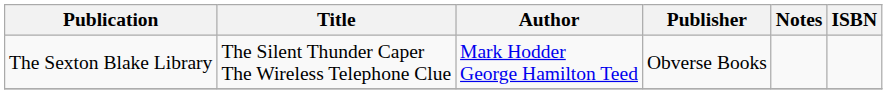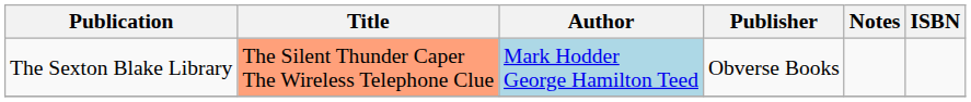 <table class="wikitable">
 <tr>
 <th>Publication</th>
 <th>Title</th>
 <th>Author</th>
 <th>Publisher</th>
 <th>Notes</th>
 <th>ISBN</th>
 </tr>
 <tr>
 <td>The Sexton Blake Library</td>
-<td>The Silent Thunder Caper<br>The Wireless Telephone Clue</td>
-<td><a href='#'>Mark Hodder</a><br> <a href='#'>George Hamilton Teed</a></td>
+<td style="background: lightsalmon;">The Silent Thunder Caper<br>The Wireless Telephone Clue</td>
+<td style="background: lightblue;"><a href='#'>Mark Hodder</a><br> <a href='#'>George Hamilton Teed</a></td>
 <td>Obverse Books</td>
 <td></td>
 <td></td>
 </tr>
 <tr>
 </tr>
 </table>
